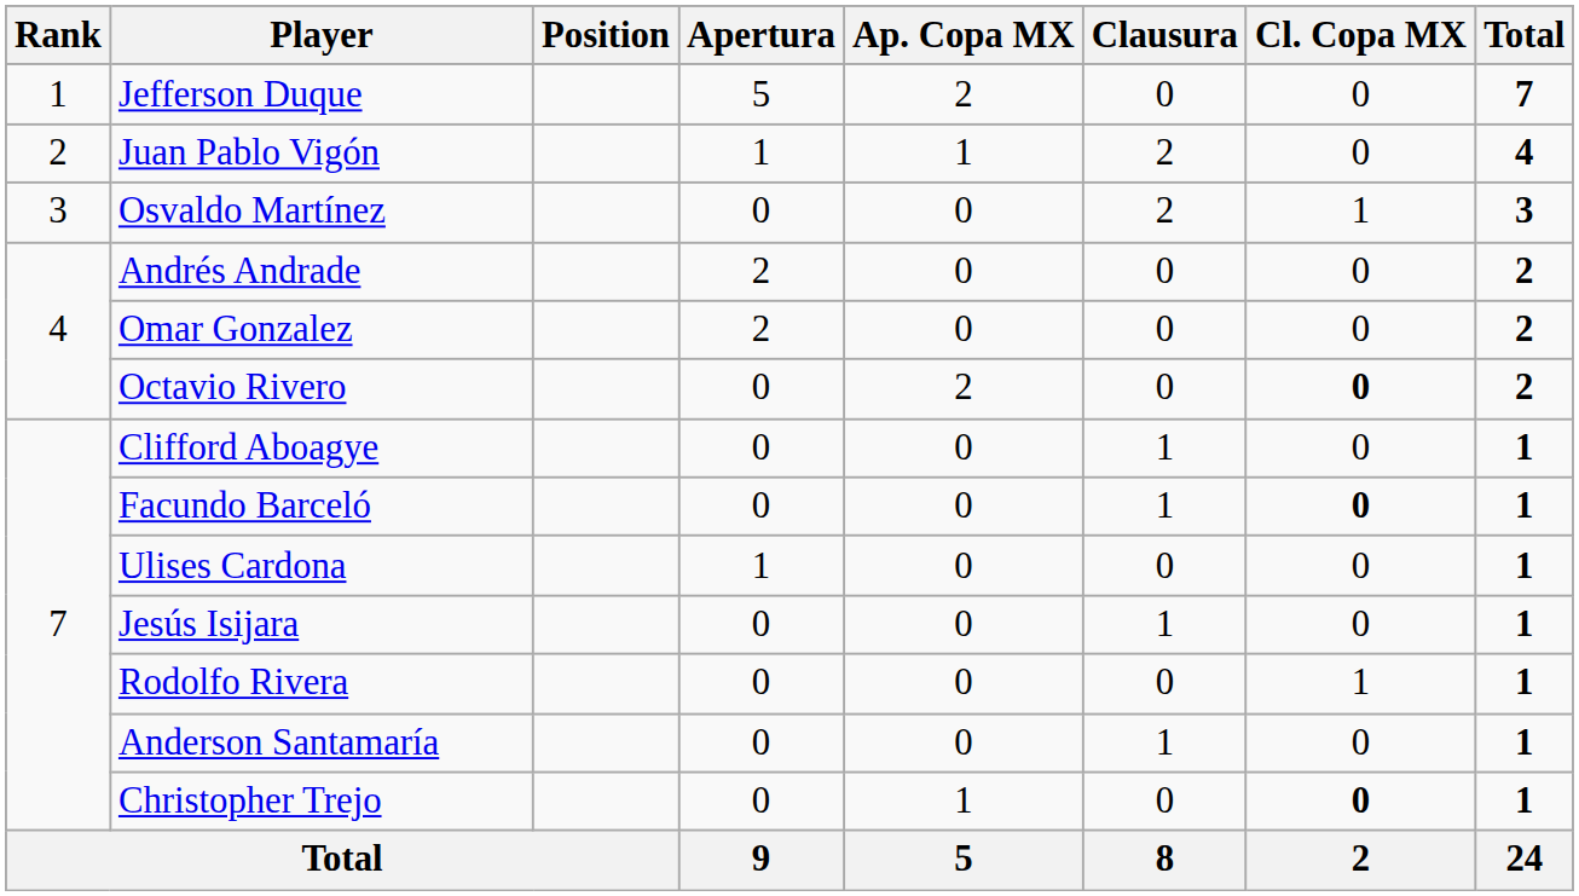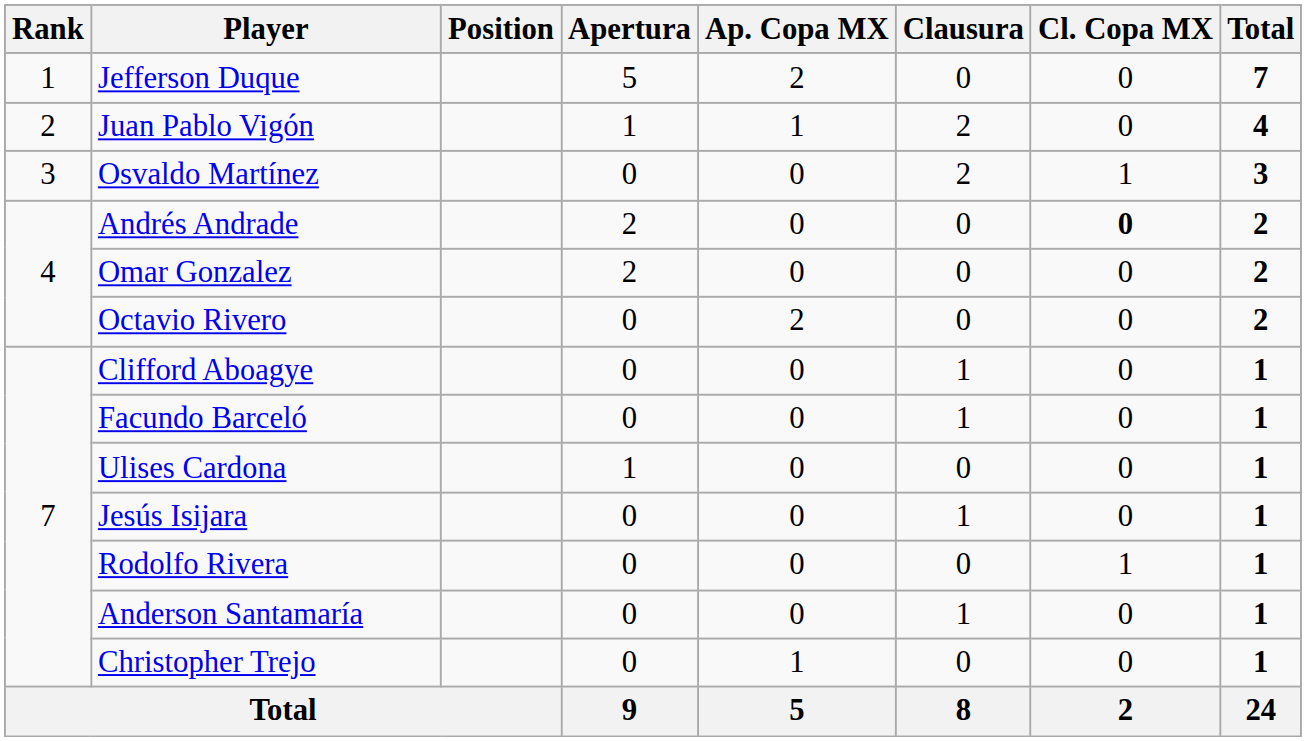 <table class="wikitable">
 <tr>
 <th>Rank</th>
 <th style="width:175px;">Player</th>
 <th>Position</th>
 <th>Apertura</th>
 <th>Ap. Copa MX</th>
 <th>Clausura</th>
 <th>Cl. Copa MX</th>
 <th>Total</th>
 </tr>
 <tr>
 <td align=center>1</td>
 <td> <a href='#'>Jefferson Duque</a></td>
 <td align=center></td>
 <td align=center>5</td>
 <td align=center>2</td>
 <td align=center>0</td>
 <td align=center>0</td>
 <td align=center><strong>7</strong></td>
 </tr>
 <tr>
 <td align=center>2</td>
 <td> <a href='#'>Juan Pablo Vigón</a></td>
 <td align=center></td>
 <td align=center>1</td>
 <td align=center>1</td>
 <td align=center>2</td>
 <td align=center>0</td>
 <td align=center><strong>4</strong></td>
 </tr>
 <tr>
 <td align=center>3</td>
 <td> <a href='#'>Osvaldo Martínez</a></td>
 <td align=center></td>
 <td align=center>0</td>
 <td align=center>0</td>
 <td align=center>2</td>
 <td align=center>1</td>
 <td align=center><strong>3</strong></td>
 </tr>
 <tr>
 <td align=center rowspan=3>4</td>
 <td> <a href='#'>Andrés Andrade</a></td>
 <td align=center></td>
 <td align=center>2</td>
 <td align=center>0</td>
 <td align=center>0</td>
-<td align=center>0</td>
+<td align=center><strong>0</strong></td>
 <td align=center><strong>2</strong></td>
 </tr>
 <tr>
 <td> <a href='#'>Omar Gonzalez</a></td>
 <td align=center></td>
 <td align=center>2</td>
 <td align=center>0</td>
 <td align=center>0</td>
 <td align=center>0</td>
 <td align=center><strong>2</strong></td>
 </tr>
 <tr>
 <td> <a href='#'>Octavio Rivero</a></td>
 <td align=center></td>
 <td align=center>0</td>
 <td align=center>2</td>
 <td align=center>0</td>
-<td align=center><strong>0</strong></td>
+<td align=center>0</td>
 <td align=center><strong>2</strong></td>
 </tr>
 <tr>
 <td align=center rowspan=7>7</td>
 <td> <a href='#'>Clifford Aboagye</a></td>
 <td align=center></td>
 <td align=center>0</td>
 <td align=center>0</td>
 <td align=center>1</td>
 <td align=center>0</td>
 <td align=center><strong>1</strong></td>
 </tr>
 <tr>
 <td> <a href='#'>Facundo Barceló</a></td>
 <td align=center></td>
 <td align=center>0</td>
 <td align=center>0</td>
 <td align=center>1</td>
-<td align=center><strong>0</strong></td>
+<td align=center>0</td>
 <td align=center><strong>1</strong></td>
 </tr>
 <tr>
 <td> <a href='#'>Ulises Cardona</a></td>
 <td align=center></td>
 <td align=center>1</td>
 <td align=center>0</td>
 <td align=center>0</td>
 <td align=center>0</td>
 <td align=center><strong>1</strong></td>
 </tr>
 <tr>
 <td> <a href='#'>Jesús Isijara</a></td>
 <td align=center></td>
 <td align=center>0</td>
 <td align=center>0</td>
 <td align=center>1</td>
 <td align=center>0</td>
 <td align=center><strong>1</strong></td>
 </tr>
 <tr>
 <td> <a href='#'>Rodolfo Rivera</a></td>
 <td align=center></td>
 <td align=center>0</td>
 <td align=center>0</td>
 <td align=center>0</td>
 <td align=center>1</td>
 <td align=center><strong>1</strong></td>
 </tr>
 <tr>
 <td> <a href='#'>Anderson Santamaría</a></td>
 <td align=center></td>
 <td align=center>0</td>
 <td align=center>0</td>
 <td align=center>1</td>
 <td align=center>0</td>
 <td align=center><strong>1</strong></td>
 </tr>
 <tr>
 <td> <a href='#'>Christopher Trejo</a></td>
 <td align=center></td>
 <td align=center>0</td>
 <td align=center>1</td>
 <td align=center>0</td>
-<td align=center><strong>0</strong></td>
+<td align=center>0</td>
 <td align=center><strong>1</strong></td>
 </tr>
 <tr>
 <th align=center colspan=3>Total</th>
 <th align=center>9</th>
 <th align=center>5</th>
 <th align=center>8</th>
 <th align=center>2</th>
 <th align=center>24</th>
 </tr>
 </table>
